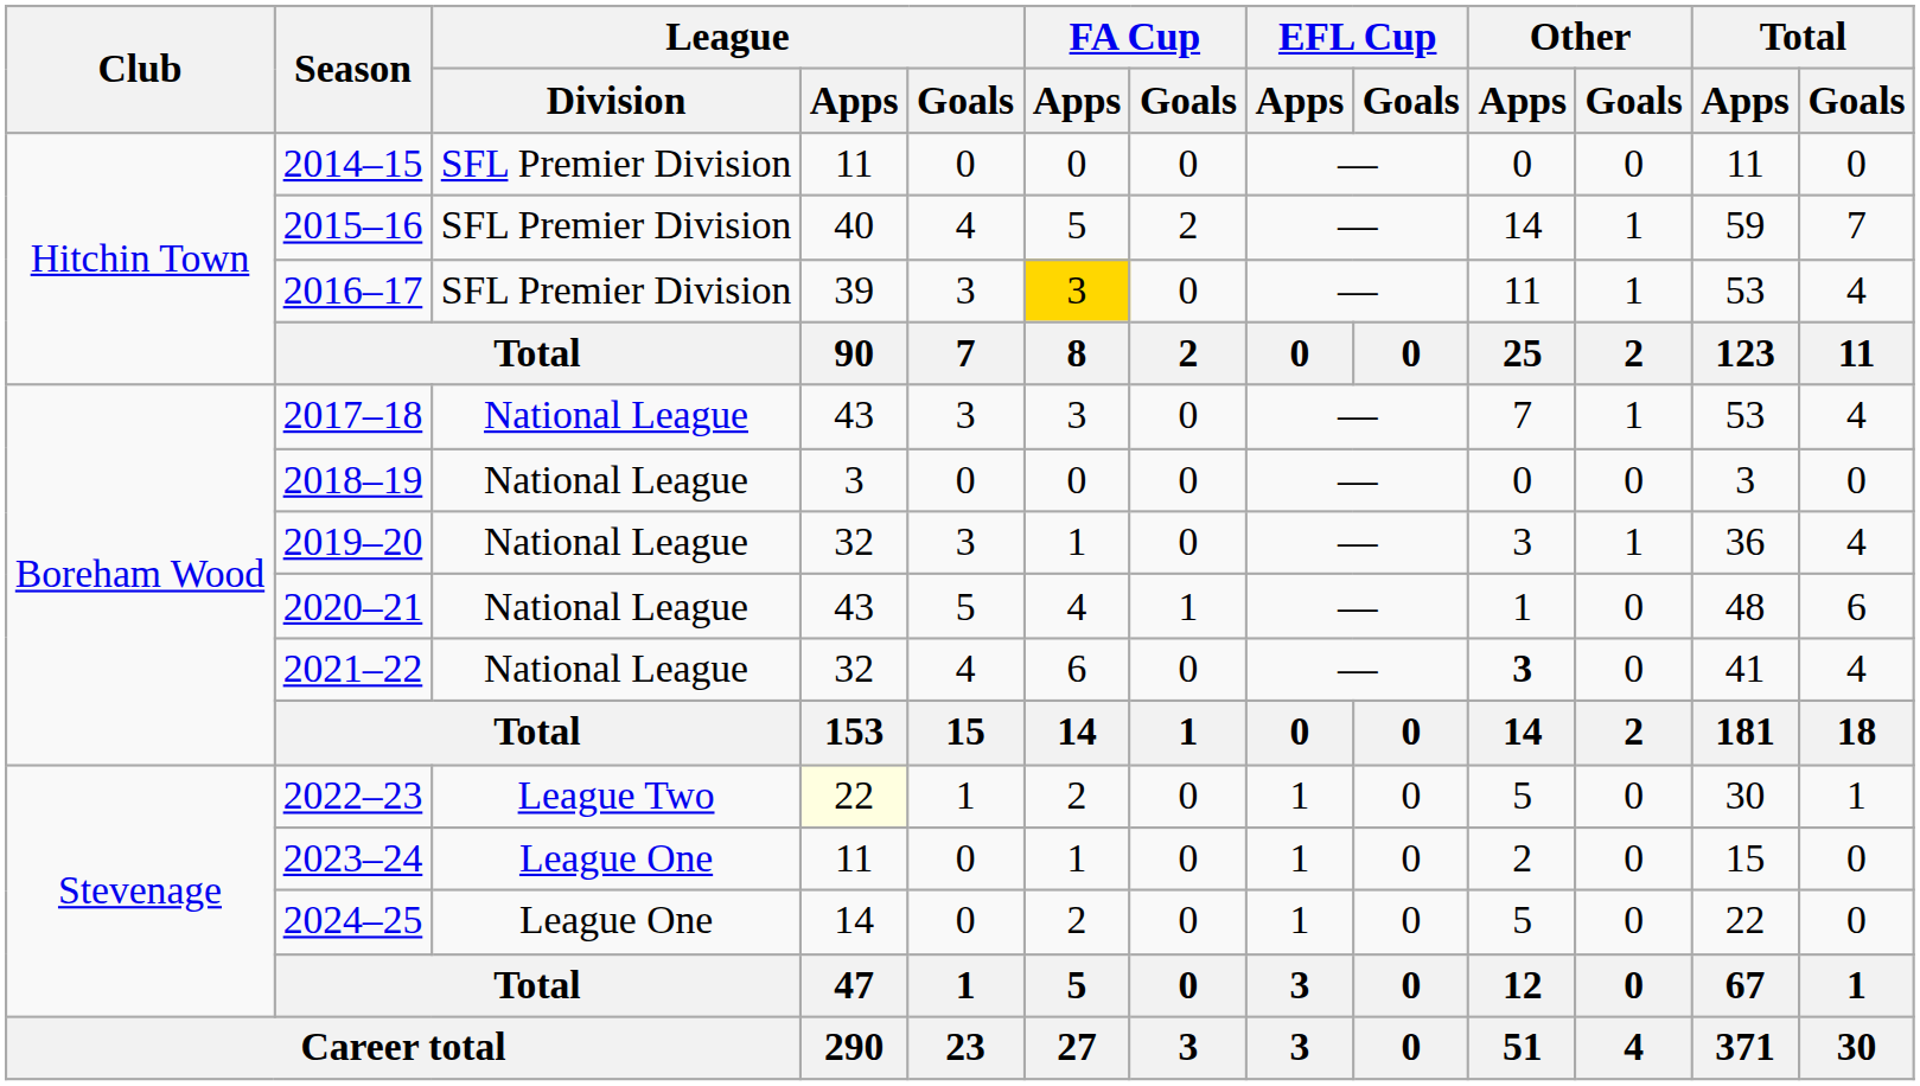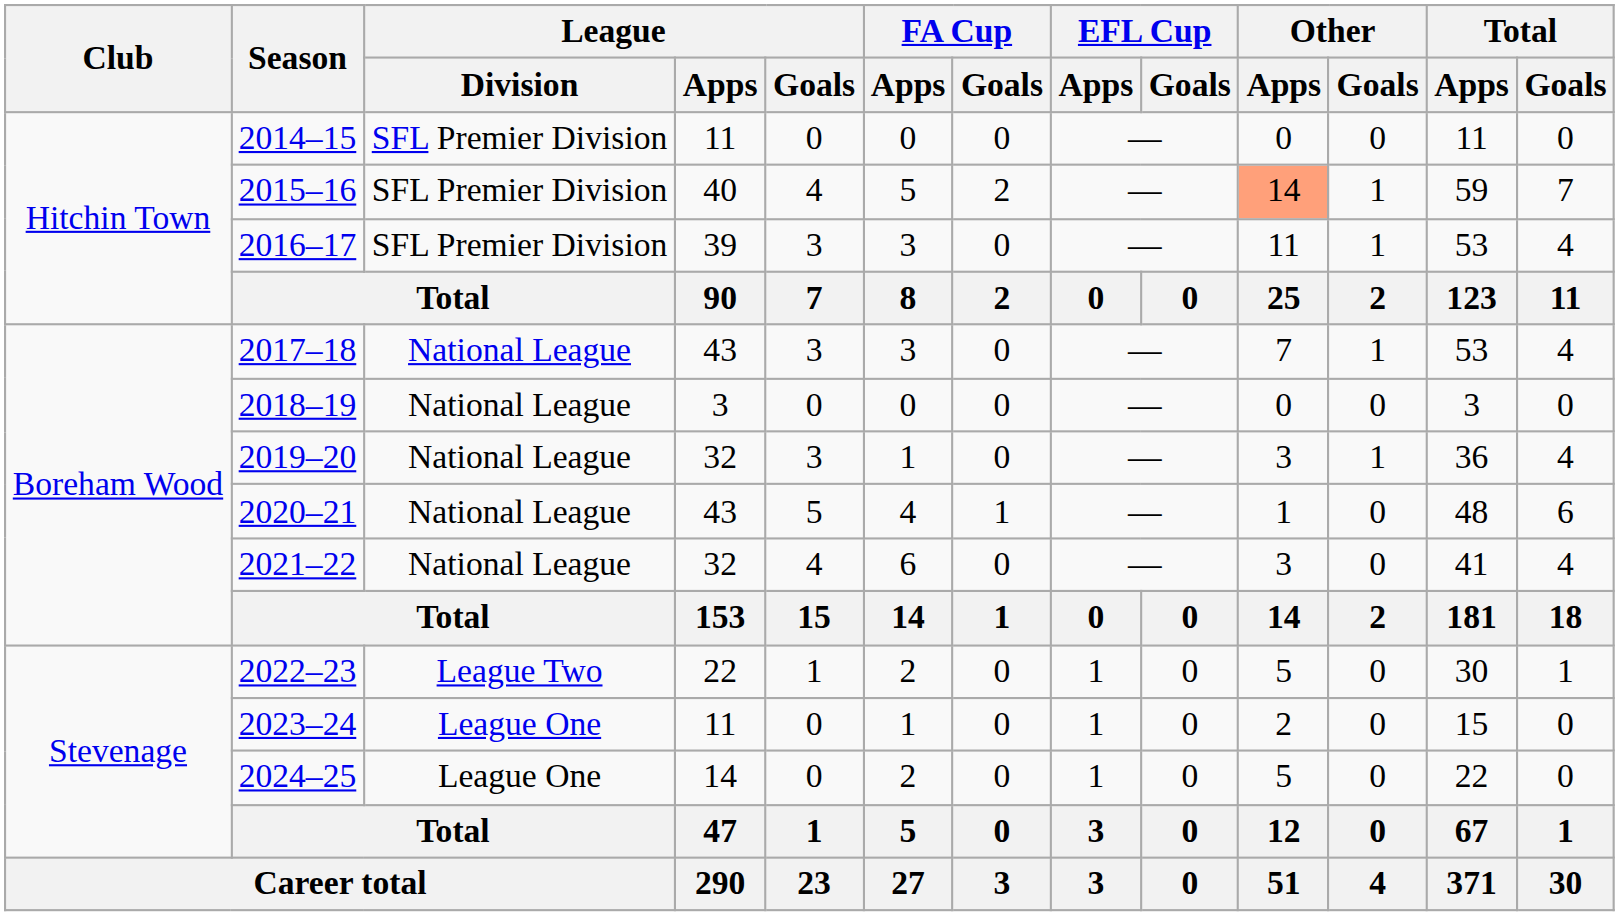 <table class="wikitable" style="text-align:center">
 <tr>
 <th rowspan="2">Club</th>
 <th rowspan="2">Season</th>
 <th colspan="3">League</th>
 <th colspan="2"><a href='#'>FA Cup</a></th>
 <th colspan="2"><a href='#'>EFL Cup</a></th>
 <th colspan="2">Other</th>
 <th colspan="2">Total</th>
 </tr>
 <tr>
 <th>Division</th>
 <th>Apps</th>
 <th>Goals</th>
 <th>Apps</th>
 <th>Goals</th>
 <th>Apps</th>
 <th>Goals</th>
 <th>Apps</th>
 <th>Goals</th>
 <th>Apps</th>
 <th>Goals</th>
 </tr>
 <tr>
 <td rowspan="4"><a href='#'>Hitchin Town</a></td>
 <td><a href='#'>2014–15</a></td>
 <td><a href='#'>SFL</a> Premier Division</td>
 <td>11</td>
 <td>0</td>
 <td>0</td>
 <td>0</td>
 <td colspan="2">—</td>
 <td>0</td>
 <td>0</td>
 <td>11</td>
 <td>0</td>
 </tr>
 <tr>
 <td><a href='#'>2015–16</a></td>
 <td>SFL Premier Division</td>
 <td>40</td>
 <td>4</td>
 <td>5</td>
 <td>2</td>
 <td colspan="2">—</td>
-<td>14</td>
+<td style="background: lightsalmon;">14</td>
 <td>1</td>
 <td>59</td>
 <td>7</td>
 </tr>
 <tr>
 <td><a href='#'>2016–17</a></td>
 <td>SFL Premier Division</td>
 <td>39</td>
 <td>3</td>
-<td style="background: gold;">3</td>
+<td>3</td>
 <td>0</td>
 <td colspan="2">—</td>
 <td>11</td>
 <td>1</td>
 <td>53</td>
 <td>4</td>
 </tr>
 <tr>
 <th colspan="2">Total</th>
 <th>90</th>
 <th>7</th>
 <th>8</th>
 <th>2</th>
 <th>0</th>
 <th>0</th>
 <th>25</th>
 <th>2</th>
 <th>123</th>
 <th>11</th>
 </tr>
 <tr>
 <td rowspan="6"><a href='#'>Boreham Wood</a></td>
 <td><a href='#'>2017–18</a></td>
 <td><a href='#'>National League</a></td>
 <td>43</td>
 <td>3</td>
 <td>3</td>
 <td>0</td>
 <td colspan="2">—</td>
 <td>7</td>
 <td>1</td>
 <td>53</td>
 <td>4</td>
 </tr>
 <tr>
 <td><a href='#'>2018–19</a></td>
 <td>National League</td>
 <td>3</td>
 <td>0</td>
 <td>0</td>
 <td>0</td>
 <td colspan="2">—</td>
 <td>0</td>
 <td>0</td>
 <td>3</td>
 <td>0</td>
 </tr>
 <tr>
 <td><a href='#'>2019–20</a></td>
 <td>National League</td>
 <td>32</td>
 <td>3</td>
 <td>1</td>
 <td>0</td>
 <td colspan="2">—</td>
 <td>3</td>
 <td>1</td>
 <td>36</td>
 <td>4</td>
 </tr>
 <tr>
 <td><a href='#'>2020–21</a></td>
 <td>National League</td>
 <td>43</td>
 <td>5</td>
 <td>4</td>
 <td>1</td>
 <td colspan="2">—</td>
 <td>1</td>
 <td>0</td>
 <td>48</td>
 <td>6</td>
 </tr>
 <tr>
 <td><a href='#'>2021–22</a></td>
 <td>National League</td>
 <td>32</td>
 <td>4</td>
 <td>6</td>
 <td>0</td>
 <td colspan="2">—</td>
-<td><strong>3</strong></td>
+<td>3</td>
 <td>0</td>
 <td>41</td>
 <td>4</td>
 </tr>
 <tr>
 <th colspan="2">Total</th>
 <th>153</th>
 <th>15</th>
 <th>14</th>
 <th>1</th>
 <th>0</th>
 <th>0</th>
 <th>14</th>
 <th>2</th>
 <th>181</th>
 <th>18</th>
 </tr>
 <tr>
 <td rowspan=4><a href='#'>Stevenage</a></td>
 <td><a href='#'>2022–23</a></td>
 <td><a href='#'>League Two</a></td>
-<td style="background: lightyellow;">22</td>
+<td>22</td>
 <td>1</td>
 <td>2</td>
 <td>0</td>
 <td>1</td>
 <td>0</td>
 <td>5</td>
 <td>0</td>
 <td>30</td>
 <td>1</td>
 </tr>
 <tr>
 <td><a href='#'>2023–24</a></td>
 <td><a href='#'>League One</a></td>
 <td>11</td>
 <td>0</td>
 <td>1</td>
 <td>0</td>
 <td>1</td>
 <td>0</td>
 <td>2</td>
 <td>0</td>
 <td>15</td>
 <td>0</td>
 </tr>
 <tr>
 <td><a href='#'>2024–25</a></td>
 <td>League One</td>
 <td>14</td>
 <td>0</td>
 <td>2</td>
 <td>0</td>
 <td>1</td>
 <td>0</td>
 <td>5</td>
 <td>0</td>
 <td>22</td>
 <td>0</td>
 </tr>
 <tr>
 <th colspan="2">Total</th>
 <th>47</th>
 <th>1</th>
 <th>5</th>
 <th>0</th>
 <th>3</th>
 <th>0</th>
 <th>12</th>
 <th>0</th>
 <th>67</th>
 <th>1</th>
 </tr>
 <tr>
 <th colspan=3>Career total</th>
 <th>290</th>
 <th>23</th>
 <th>27</th>
 <th>3</th>
 <th>3</th>
 <th>0</th>
 <th>51</th>
 <th>4</th>
 <th>371</th>
 <th>30</th>
 </tr>
 </table>
